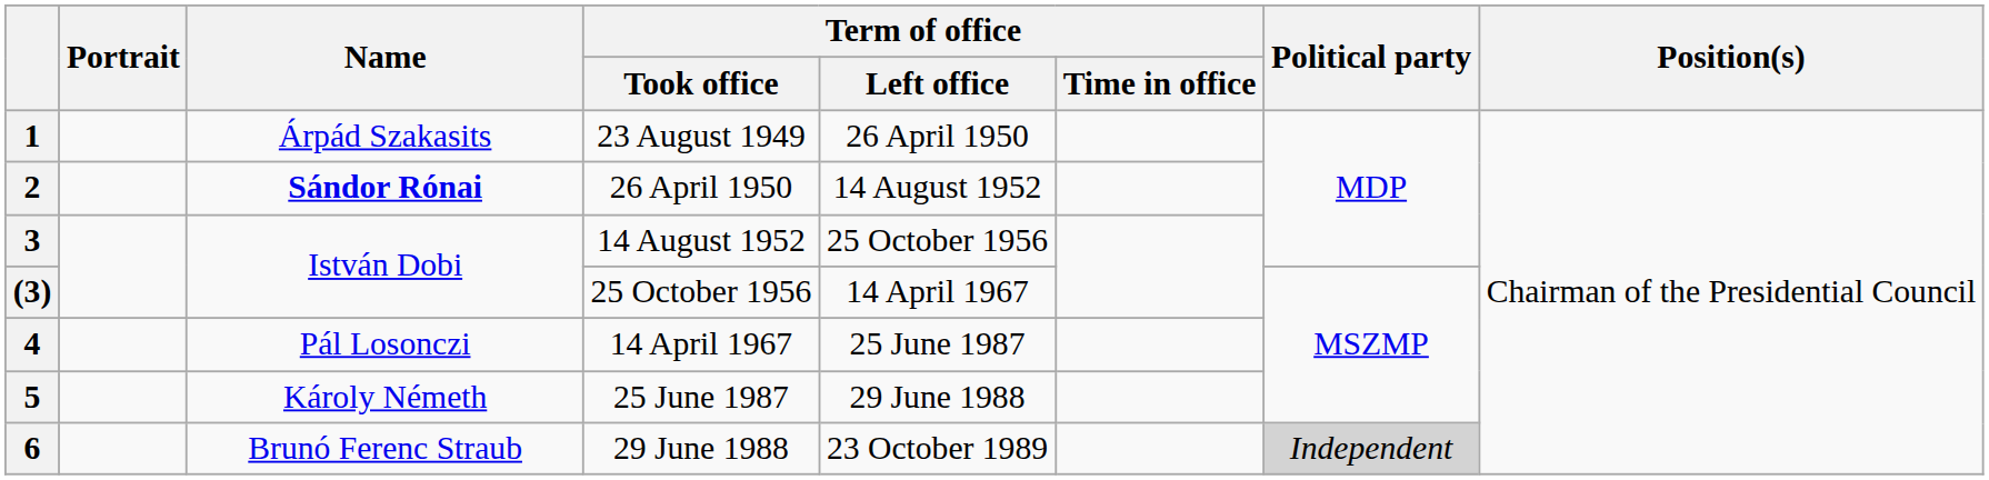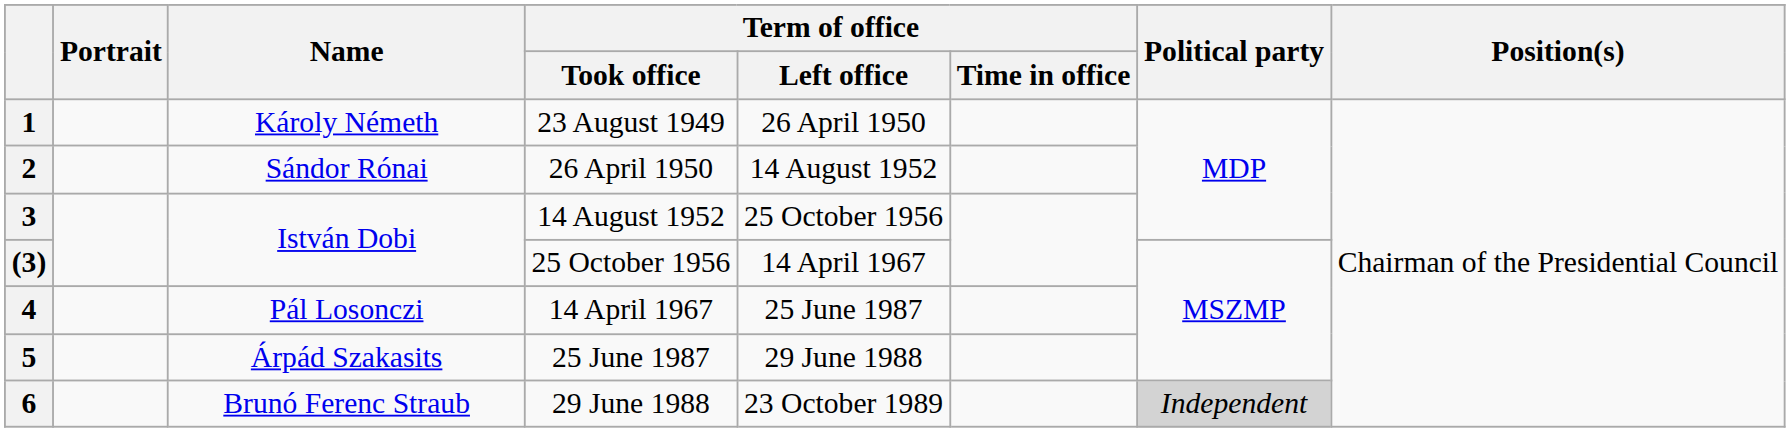 <table class="wikitable" style="text-align:center;">
 <tr>
 <th rowspan=2></th>
 <th rowspan=2>Portrait</th>
 <th width=20% rowspan=2>Name<br></th>
 <th colspan=3>Term of office</th>
 <th rowspan=2>Political party</th>
 <th rowspan=2>Position(s)</th>
 </tr>
 <tr>
 <th>Took office</th>
 <th>Left office</th>
 <th>Time in office</th>
 </tr>
 <tr>
 <th style="background-color:">1</th>
 <td></td>
-<td><a href='#'>Árpád Szakasits</a><br></td>
+<td><a href='#'>Károly Németh</a><br></td>
 <td>23 August 1949</td>
 <td>26 April 1950</td>
 <td></td>
 <td rowspan=3><a href='#'>MDP</a></td>
 <td rowspan=7>Chairman of the Presidential Council</td>
 </tr>
 <tr>
 <th style="background-color:">2</th>
 <td></td>
-<td><strong><a href='#'>Sándor Rónai</a><br></strong></td>
+<td><a href='#'>Sándor Rónai</a><br></td>
 <td>26 April 1950</td>
 <td>14 August 1952</td>
 <td></td>
 </tr>
 <tr>
 <th style="background-color:">3</th>
 <td rowspan=2></td>
 <td rowspan=2><a href='#'>István Dobi</a><br></td>
 <td>14 August 1952</td>
 <td>25 October 1956</td>
 <td rowspan=2></td>
 </tr>
 <tr>
 <th style="background-color:">(3)</th>
 <td>25 October 1956</td>
 <td>14 April 1967</td>
 <td rowspan=3><a href='#'>MSZMP</a></td>
 </tr>
 <tr>
 <th style="background-color:">4</th>
 <td></td>
 <td><a href='#'>Pál Losonczi</a><br></td>
 <td>14 April 1967</td>
 <td>25 June 1987</td>
 <td></td>
 </tr>
 <tr>
 <th style="background-color:">5</th>
 <td></td>
-<td><a href='#'>Károly Németh</a><br></td>
+<td><a href='#'>Árpád Szakasits</a><br></td>
 <td>25 June 1987</td>
 <td>29 June 1988</td>
 <td></td>
 </tr>
 <tr>
 <th style="background:">6</th>
 <td></td>
 <td><a href='#'>Brunó Ferenc Straub</a><br></td>
 <td>29 June 1988</td>
 <td>23 October 1989</td>
 <td></td>
 <td style="background: lightgrey;"><em>Independent</em></td>
 </tr>
 </table>
